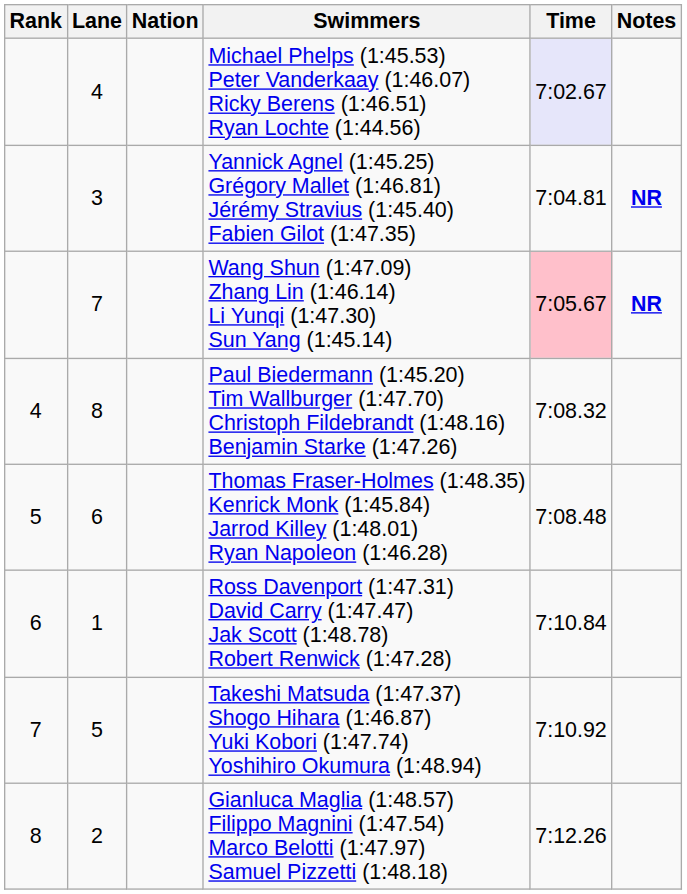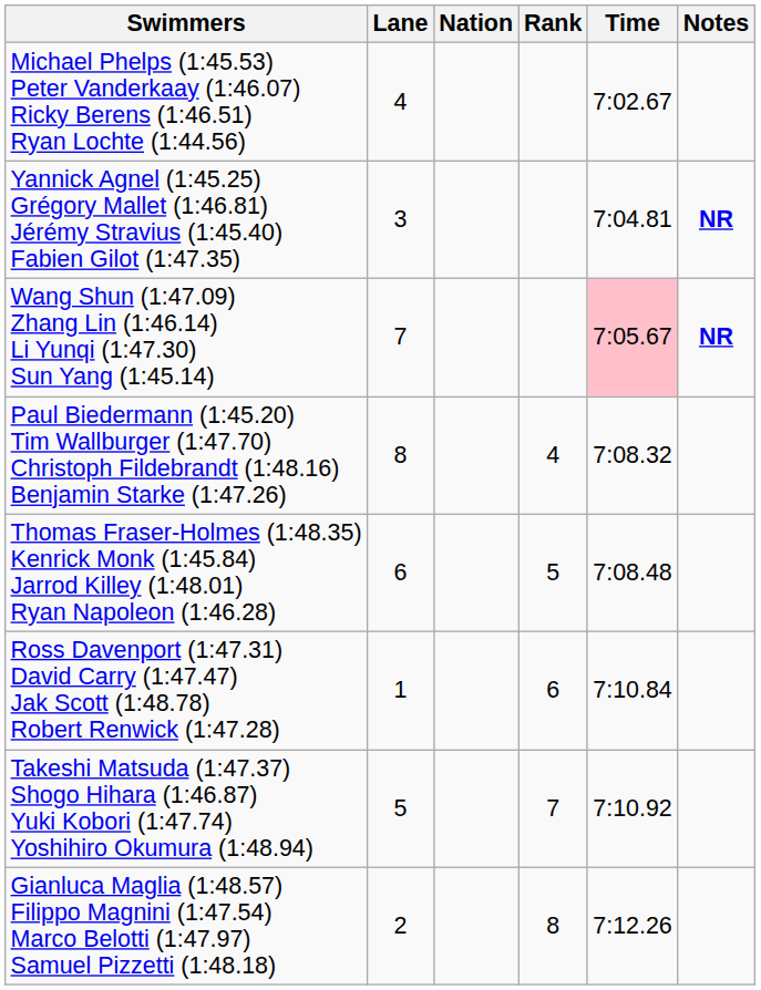 <table class="wikitable sortable" style="text-align:center">
 <tr>
-<th>Rank</th>
+<th>Swimmers</th>
 <th>Lane</th>
 <th>Nation</th>
-<th>Swimmers</th>
+<th>Rank</th>
 <th>Time</th>
 <th>Notes</th>
 </tr>
 <tr>
-<td></td>
+<td align=left><a href='#'>Michael Phelps</a> (1:45.53)<br><a href='#'>Peter Vanderkaay</a> (1:46.07)<br><a href='#'>Ricky Berens</a> (1:46.51)<br><a href='#'>Ryan Lochte</a> (1:44.56)</td>
 <td>4</td>
 <td align=left></td>
-<td align=left><a href='#'>Michael Phelps</a> (1:45.53)<br><a href='#'>Peter Vanderkaay</a> (1:46.07)<br><a href='#'>Ricky Berens</a> (1:46.51)<br><a href='#'>Ryan Lochte</a> (1:44.56)</td>
-<td style="background: lavender;">7:02.67</td>
+<td></td>
+<td>7:02.67</td>
 <td></td>
 </tr>
 <tr>
-<td></td>
+<td align=left><a href='#'>Yannick Agnel</a> (1:45.25)<br><a href='#'>Grégory Mallet</a> (1:46.81)<br><a href='#'>Jérémy Stravius</a> (1:45.40)<br><a href='#'>Fabien Gilot</a> (1:47.35)</td>
 <td>3</td>
 <td align=left></td>
-<td align=left><a href='#'>Yannick Agnel</a> (1:45.25)<br><a href='#'>Grégory Mallet</a> (1:46.81)<br><a href='#'>Jérémy Stravius</a> (1:45.40)<br><a href='#'>Fabien Gilot</a> (1:47.35)</td>
+<td></td>
 <td>7:04.81</td>
 <td><strong><a href='#'>NR</a></strong></td>
 </tr>
 <tr>
-<td></td>
+<td align=left><a href='#'>Wang Shun</a> (1:47.09)<br><a href='#'>Zhang Lin</a> (1:46.14)<br><a href='#'>Li Yunqi</a> (1:47.30)<br><a href='#'>Sun Yang</a> (1:45.14)</td>
 <td>7</td>
 <td align=left></td>
-<td align=left><a href='#'>Wang Shun</a> (1:47.09)<br><a href='#'>Zhang Lin</a> (1:46.14)<br><a href='#'>Li Yunqi</a> (1:47.30)<br><a href='#'>Sun Yang</a> (1:45.14)</td>
+<td></td>
 <td style="background: pink;">7:05.67</td>
 <td><strong><a href='#'>NR</a></strong></td>
 </tr>
 <tr>
-<td>4</td>
+<td align=left><a href='#'>Paul Biedermann</a> (1:45.20) <br><a href='#'>Tim Wallburger</a> (1:47.70)<br><a href='#'>Christoph Fildebrandt</a> (1:48.16)<br><a href='#'>Benjamin Starke</a> (1:47.26)<br></td>
 <td>8</td>
 <td align=left></td>
-<td align=left><a href='#'>Paul Biedermann</a> (1:45.20) <br><a href='#'>Tim Wallburger</a> (1:47.70)<br><a href='#'>Christoph Fildebrandt</a> (1:48.16)<br><a href='#'>Benjamin Starke</a> (1:47.26)<br></td>
+<td>4</td>
 <td>7:08.32</td>
 <td></td>
 </tr>
 <tr>
-<td>5</td>
+<td align=left><a href='#'>Thomas Fraser-Holmes</a> (1:48.35)<br><a href='#'>Kenrick Monk</a> (1:45.84)<br><a href='#'>Jarrod Killey</a> (1:48.01)<br><a href='#'>Ryan Napoleon</a> (1:46.28)</td>
 <td>6</td>
 <td align=left></td>
-<td align=left><a href='#'>Thomas Fraser-Holmes</a> (1:48.35)<br><a href='#'>Kenrick Monk</a> (1:45.84)<br><a href='#'>Jarrod Killey</a> (1:48.01)<br><a href='#'>Ryan Napoleon</a> (1:46.28)</td>
+<td>5</td>
 <td>7:08.48</td>
 <td></td>
 </tr>
 <tr>
-<td>6</td>
+<td align=left><a href='#'>Ross Davenport</a> (1:47.31)<br> <a href='#'>David Carry</a> (1:47.47)<br> <a href='#'>Jak Scott</a> (1:48.78)<br><a href='#'>Robert Renwick</a> (1:47.28)</td>
 <td>1</td>
 <td align=left></td>
-<td align=left><a href='#'>Ross Davenport</a> (1:47.31)<br> <a href='#'>David Carry</a> (1:47.47)<br> <a href='#'>Jak Scott</a> (1:48.78)<br><a href='#'>Robert Renwick</a> (1:47.28)</td>
+<td>6</td>
 <td>7:10.84</td>
 <td></td>
 </tr>
 <tr>
-<td>7</td>
+<td align=left><a href='#'>Takeshi Matsuda</a> (1:47.37) <br><a href='#'>Shogo Hihara</a> (1:46.87)<br><a href='#'>Yuki Kobori</a> (1:47.74)<br><a href='#'>Yoshihiro Okumura</a> (1:48.94)</td>
 <td>5</td>
 <td align=left></td>
-<td align=left><a href='#'>Takeshi Matsuda</a> (1:47.37) <br><a href='#'>Shogo Hihara</a> (1:46.87)<br><a href='#'>Yuki Kobori</a> (1:47.74)<br><a href='#'>Yoshihiro Okumura</a> (1:48.94)</td>
+<td>7</td>
 <td>7:10.92</td>
 <td></td>
 </tr>
 <tr>
-<td>8</td>
+<td align=left><a href='#'>Gianluca Maglia</a> (1:48.57)<br><a href='#'>Filippo Magnini</a> (1:47.54)<br><a href='#'>Marco Belotti</a> (1:47.97)<br><a href='#'>Samuel Pizzetti</a> (1:48.18)</td>
 <td>2</td>
 <td align=left></td>
-<td align=left><a href='#'>Gianluca Maglia</a> (1:48.57)<br><a href='#'>Filippo Magnini</a> (1:47.54)<br><a href='#'>Marco Belotti</a> (1:47.97)<br><a href='#'>Samuel Pizzetti</a> (1:48.18)</td>
+<td>8</td>
 <td>7:12.26</td>
 <td></td>
 </tr>
 </table>
